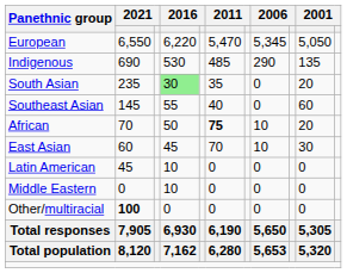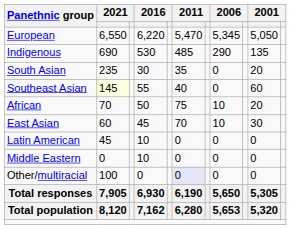 <table class="wikitable collapsible sortable">
 <tr>
 <th rowspan="2"><a href='#'>Panethnic</a> group</th>
 <th colspan="2">2021</th>
 <th colspan="2">2016</th>
 <th colspan="2">2011</th>
 <th colspan="2">2006</th>
 <th colspan="2">2001</th>
 </tr>
 <tr>
 <th><a href='#'></a></th>
 <th></th>
 <th></th>
 <th></th>
 <th></th>
 <th></th>
 <th></th>
 <th></th>
 <th></th>
 <th></th>
 </tr>
 <tr>
 <td><a href='#'>European</a></td>
 <td>6,550</td>
 <td></td>
 <td>6,220</td>
 <td></td>
 <td>5,470</td>
 <td></td>
 <td>5,345</td>
 <td></td>
 <td>5,050</td>
 <td></td>
 </tr>
 <tr>
 <td><a href='#'>Indigenous</a></td>
 <td>690</td>
 <td></td>
 <td>530</td>
 <td></td>
 <td>485</td>
 <td></td>
 <td>290</td>
 <td></td>
 <td>135</td>
 <td></td>
 </tr>
 <tr>
 <td><a href='#'>South Asian</a></td>
 <td>235</td>
 <td></td>
-<td style="background: lightgreen;">30</td>
+<td>30</td>
 <td></td>
 <td>35</td>
 <td></td>
 <td>0</td>
 <td></td>
 <td>20</td>
 <td></td>
 </tr>
 <tr>
 <td><a href='#'>Southeast Asian</a></td>
-<td>145</td>
+<td style="background: lightyellow;">145</td>
 <td></td>
 <td>55</td>
 <td></td>
 <td>40</td>
 <td></td>
 <td>0</td>
 <td></td>
 <td>60</td>
 <td></td>
 </tr>
 <tr>
 <td><a href='#'>African</a></td>
 <td>70</td>
 <td></td>
 <td>50</td>
 <td></td>
-<td><strong>75</strong></td>
+<td>75</td>
 <td></td>
 <td>10</td>
 <td></td>
 <td>20</td>
 <td></td>
 </tr>
 <tr>
 <td><a href='#'>East Asian</a></td>
 <td>60</td>
 <td></td>
 <td>45</td>
 <td></td>
 <td>70</td>
 <td></td>
 <td>10</td>
 <td></td>
 <td>30</td>
 <td></td>
 </tr>
 <tr>
 <td><a href='#'>Latin American</a></td>
 <td>45</td>
 <td></td>
 <td>10</td>
 <td></td>
 <td>0</td>
 <td></td>
 <td>0</td>
 <td></td>
 <td>0</td>
 <td></td>
 </tr>
 <tr>
 <td><a href='#'>Middle Eastern</a></td>
 <td>0</td>
 <td></td>
 <td>10</td>
 <td></td>
 <td>0</td>
 <td></td>
 <td>0</td>
 <td></td>
 <td>0</td>
 <td></td>
 </tr>
 <tr>
 <td>Other/<a href='#'>multiracial</a></td>
-<td><strong>100</strong></td>
+<td>100</td>
 <td></td>
 <td>0</td>
 <td></td>
-<td>0</td>
+<td style="background: lavender;">0</td>
 <td></td>
 <td>0</td>
 <td></td>
 <td>0</td>
 <td></td>
 </tr>
 <tr>
 <th>Total responses</th>
 <th>7,905</th>
 <th></th>
 <th>6,930</th>
 <th></th>
 <th>6,190</th>
 <th></th>
 <th>5,650</th>
 <th></th>
 <th>5,305</th>
 <th></th>
 </tr>
 <tr class="sortbottom">
 <th>Total population</th>
 <th>8,120</th>
 <th></th>
 <th>7,162</th>
 <th></th>
 <th>6,280</th>
 <th></th>
 <th>5,653</th>
 <th></th>
 <th>5,320</th>
 <th></th>
 </tr>
 <tr class="sortbottom">
 <td colspan="11"></td>
 </tr>
 </table>
